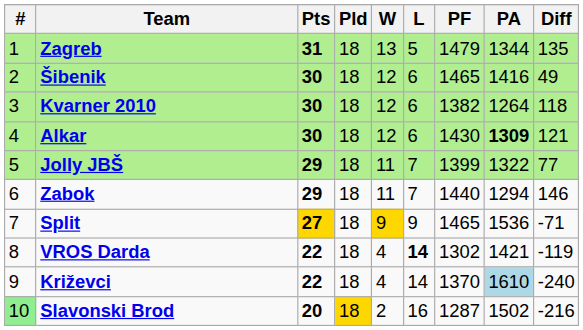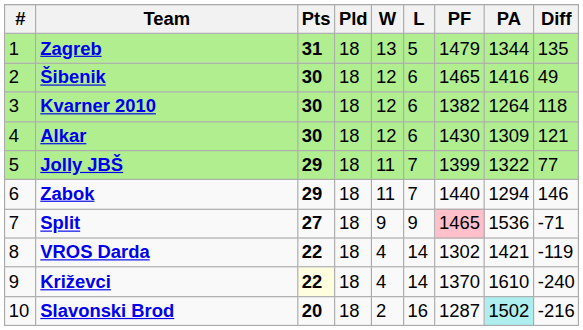 <table class=wikitable>
 <tr align=center>
 </tr>
 <tr>
 <th width=20>#</th>
 <th width=220>Team</th>
 <th width=20>Pts</th>
 <th width=20>Pld</th>
 <th width=20>W</th>
 <th width=20>L</th>
 <th width=30>PF</th>
 <th width=30>PA</th>
 <th width=30>Diff</th>
 </tr>
 <tr bgcolor=B0EE90>
 <td>1</td>
 <td align="left"><strong><a href='#'>Zagreb</a></strong></td>
 <td><strong>31</strong></td>
 <td>18</td>
 <td>13</td>
 <td>5</td>
 <td>1479</td>
 <td>1344</td>
 <td>135</td>
 </tr>
 <tr bgcolor=B0EE90>
 <td>2</td>
 <td align="left"><strong><a href='#'>Šibenik</a></strong></td>
 <td><strong>30</strong></td>
 <td>18</td>
 <td>12</td>
 <td>6</td>
 <td>1465</td>
 <td>1416</td>
 <td>49</td>
 </tr>
 <tr bgcolor=B0EE90>
 <td>3</td>
 <td align="left"><strong><a href='#'>Kvarner 2010</a></strong></td>
 <td><strong>30</strong></td>
 <td>18</td>
 <td>12</td>
 <td>6</td>
 <td>1382</td>
 <td>1264</td>
 <td>118</td>
 </tr>
 <tr bgcolor=B0EE90>
 <td>4</td>
 <td align="left"><strong><a href='#'>Alkar</a></strong></td>
 <td><strong>30</strong></td>
 <td>18</td>
 <td>12</td>
 <td>6</td>
 <td>1430</td>
-<td><strong>1309</strong></td>
+<td>1309</td>
 <td>121</td>
 </tr>
 <tr bgcolor=B0EE90>
 <td>5</td>
 <td align="left"><strong><a href='#'>Jolly JBŠ</a></strong></td>
 <td><strong>29</strong></td>
 <td>18</td>
 <td>11</td>
 <td>7</td>
 <td>1399</td>
 <td>1322</td>
 <td>77</td>
 </tr>
 <tr>
 <td>6</td>
 <td align="left"><strong><a href='#'>Zabok</a></strong></td>
 <td><strong>29</strong></td>
 <td>18</td>
 <td>11</td>
 <td>7</td>
 <td>1440</td>
 <td>1294</td>
 <td>146</td>
 </tr>
 <tr>
 <td>7</td>
 <td align="left"><strong><a href='#'>Split</a></strong></td>
-<td style="background: gold;"><strong>27</strong></td>
+<td><strong>27</strong></td>
 <td>18</td>
-<td style="background: gold;">9</td>
 <td>9</td>
-<td>1465</td>
+<td>9</td>
+<td style="background: pink;">1465</td>
 <td>1536</td>
 <td>-71</td>
 </tr>
 <tr>
 <td>8</td>
 <td align="left"><strong><a href='#'>VROS Darda</a></strong></td>
 <td><strong>22</strong></td>
 <td>18</td>
 <td>4</td>
-<td><strong>14</strong></td>
+<td>14</td>
 <td>1302</td>
 <td>1421</td>
 <td>-119</td>
 </tr>
 <tr>
 <td>9</td>
 <td align="left"><strong><a href='#'>Križevci</a></strong></td>
-<td><strong>22</strong></td>
+<td style="background: lightyellow;"><strong>22</strong></td>
 <td>18</td>
 <td>4</td>
 <td>14</td>
 <td>1370</td>
-<td style="background: lightblue;">1610</td>
+<td>1610</td>
 <td>-240</td>
 </tr>
 <tr>
-<td style="background: lightgreen;">10</td>
+<td>10</td>
 <td align="left"><strong><a href='#'>Slavonski Brod</a></strong></td>
 <td><strong>20</strong></td>
-<td style="background: gold;">18</td>
+<td>18</td>
 <td>2</td>
 <td>16</td>
 <td>1287</td>
-<td>1502</td>
+<td style="background: paleturquoise;">1502</td>
 <td>-216</td>
 </tr>
 </table>
